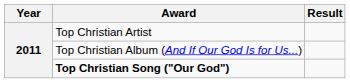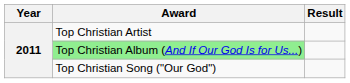 <table class="wikitable">
 <tr>
 <th style="width:60px;">Year</th>
 <th>Award</th>
 <th>Result</th>
 </tr>
 <tr>
 <th rowspan="3">2011</th>
 <td>Top Christian Artist</td>
 <td></td>
 </tr>
 <tr>
-<td>Top Christian Album (<em><a href='#'>And If Our God Is for Us...</a></em>)</td>
+<td style="background: lightgreen;">Top Christian Album (<em><a href='#'>And If Our God Is for Us...</a></em>)</td>
 <td></td>
 </tr>
 <tr>
-<td><strong>Top Christian Song ("Our God")</strong></td>
+<td>Top Christian Song ("Our God")</td>
 <td></td>
 </tr>
 </table>
